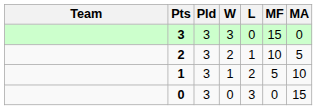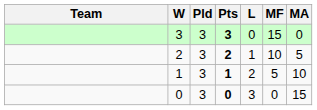 <table class=wikitable style="text-align:center">
 <tr>
 <th width=200>Team</th>
+<th width=20>W</th>
+<th width=20>Pld</th>
 <th width=20>Pts</th>
-<th width=20>Pld</th>
-<th width=20>W</th>
 <th width=20>L</th>
 <th width=20>MF</th>
 <th width=20>MA</th>
 </tr>
 <tr bgcolor=ccffcc>
 <td style="text-align:left"><strong></strong></td>
-<td><strong>3</strong></td>
 <td>3</td>
 <td>3</td>
+<td><strong>3</strong></td>
 <td>0</td>
 <td>15</td>
 <td>0</td>
 </tr>
 <tr>
 <td style="text-align:left"></td>
+<td>2</td>
+<td>3</td>
 <td><strong>2</strong></td>
-<td>3</td>
-<td>2</td>
 <td>1</td>
 <td>10</td>
 <td>5</td>
 </tr>
 <tr>
 <td style="text-align:left"></td>
+<td>1</td>
+<td>3</td>
 <td><strong>1</strong></td>
-<td>3</td>
-<td>1</td>
 <td>2</td>
 <td>5</td>
 <td>10</td>
 </tr>
 <tr>
 <td style="text-align:left"></td>
+<td>0</td>
+<td>3</td>
 <td><strong>0</strong></td>
-<td>3</td>
-<td>0</td>
 <td>3</td>
 <td>0</td>
 <td>15</td>
 </tr>
 </table>
